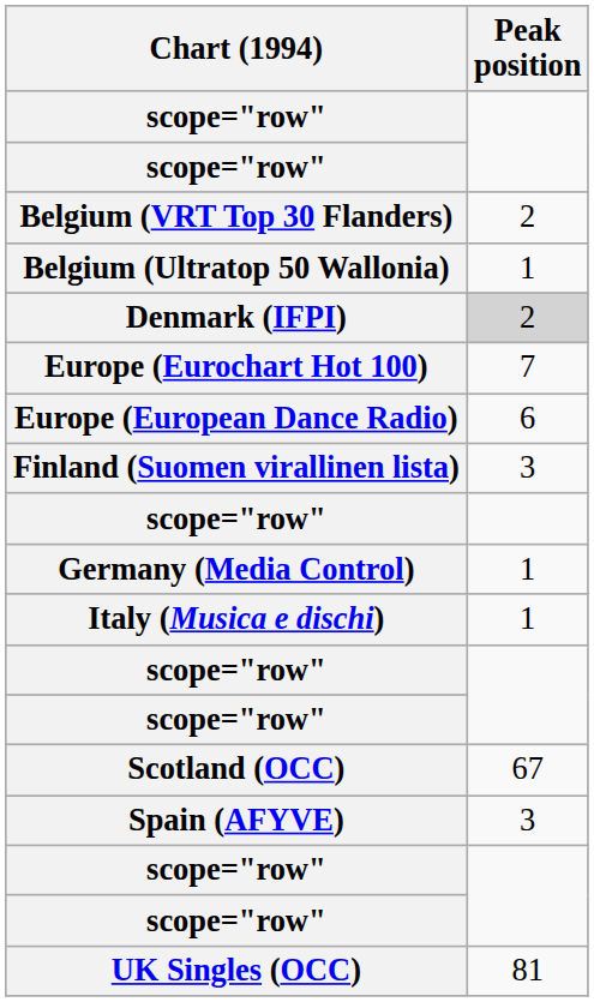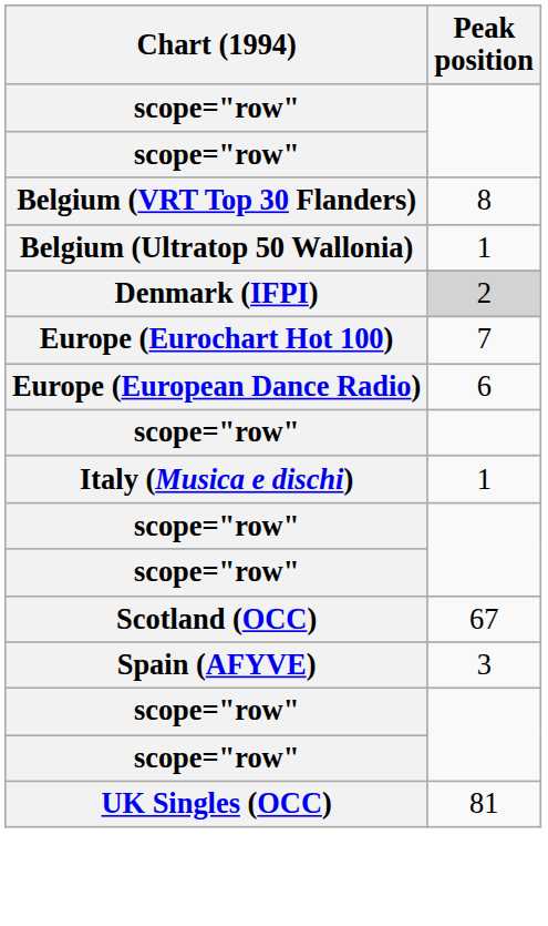 <table class="wikitable sortable plainrowheaders">
 <tr>
 <th>Chart (1994)</th>
 <th>Peak<br>position</th>
 </tr>
 <tr>
 <th>scope="row"</th>
 </tr>
 <tr>
 <th>scope="row"</th>
 </tr>
 <tr>
 <th scope="row">Belgium (<a href='#'>VRT Top 30</a> Flanders)</th>
-<td align="center">2</td>
+<td align="center">8</td>
 </tr>
 <tr>
 <th scope="row"!scope="row">Belgium (Ultratop 50 Wallonia)</th>
 <td align="center">1</td>
 </tr>
 <tr>
 <th scope="row">Denmark (<a href='#'>IFPI</a>)</th>
 <td align="center" style="background: lightgrey;">2</td>
 </tr>
 <tr>
 <th scope="row">Europe (<a href='#'>Eurochart Hot 100</a>)</th>
 <td align="center">7</td>
 </tr>
 <tr>
 <th scope="row">Europe (<a href='#'>European Dance Radio</a>)</th>
 <td align="center">6</td>
 </tr>
 <tr>
-<th scope="row">Finland (<a href='#'>Suomen virallinen lista</a>)</th>
-<td align="center">3</td>
-</tr>
-<tr>
 <th>scope="row"</th>
-</tr>
-<tr>
-<th scope="row">Germany (<a href='#'>Media Control</a>)</th>
-<td align="center">1</td>
 </tr>
 <tr>
 <th scope="row">Italy (<em><a href='#'>Musica e dischi</a></em>)</th>
 <td align="center">1</td>
 </tr>
 <tr>
 <th>scope="row"</th>
 </tr>
 <tr>
 <th>scope="row"</th>
 </tr>
 <tr>
 <th scope="row">Scotland (<a href='#'>OCC</a>)</th>
 <td align="center">67</td>
 </tr>
 <tr>
 <th scope="row">Spain (<a href='#'>AFYVE</a>)</th>
 <td align="center">3</td>
 </tr>
 <tr>
 <th>scope="row"</th>
 </tr>
 <tr>
 <th>scope="row"</th>
 </tr>
 <tr>
 <th scope="row"><a href='#'>UK Singles</a> (<a href='#'>OCC</a>)</th>
 <td align="center">81</td>
 </tr>
 </table>
